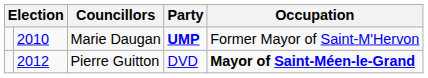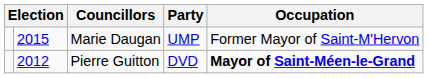 <table class="wikitable">
 <tr>
 <th colspan="2">Election</th>
 <th>Councillors</th>
 <th>Party</th>
 <th>Occupation</th>
 </tr>
 <tr>
 <td style="background-color: "></td>
-<td><a href='#'>2010</a></td>
+<td><a href='#'>2015</a></td>
 <td>Marie Daugan</td>
-<td><strong><a href='#'>UMP</a></strong></td>
+<td><a href='#'>UMP</a></td>
 <td>Former Mayor of <a href='#'>Saint-M'Hervon</a></td>
 </tr>
 <tr>
 <td style="background-color: "></td>
 <td><a href='#'>2012</a></td>
 <td>Pierre Guitton</td>
 <td><a href='#'>DVD</a></td>
 <td><strong>Mayor of <a href='#'>Saint-Méen-le-Grand</a></strong></td>
 </tr>
 </table>
